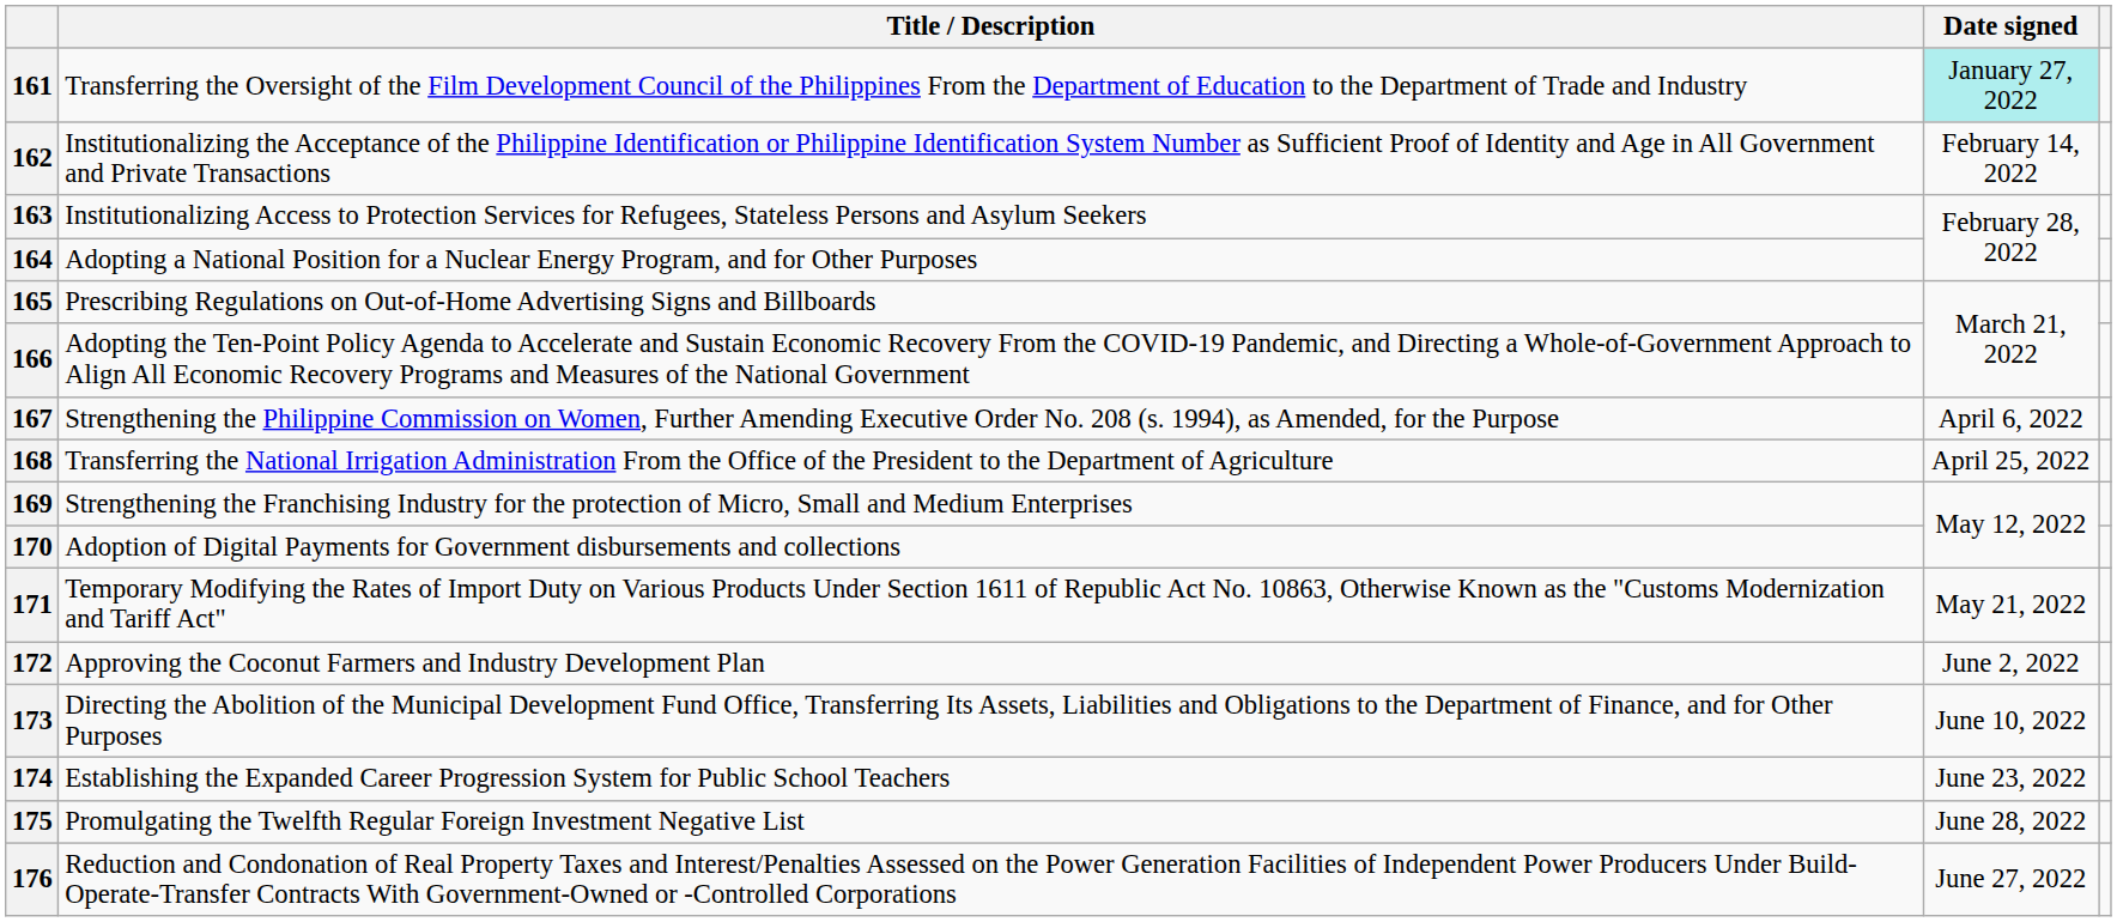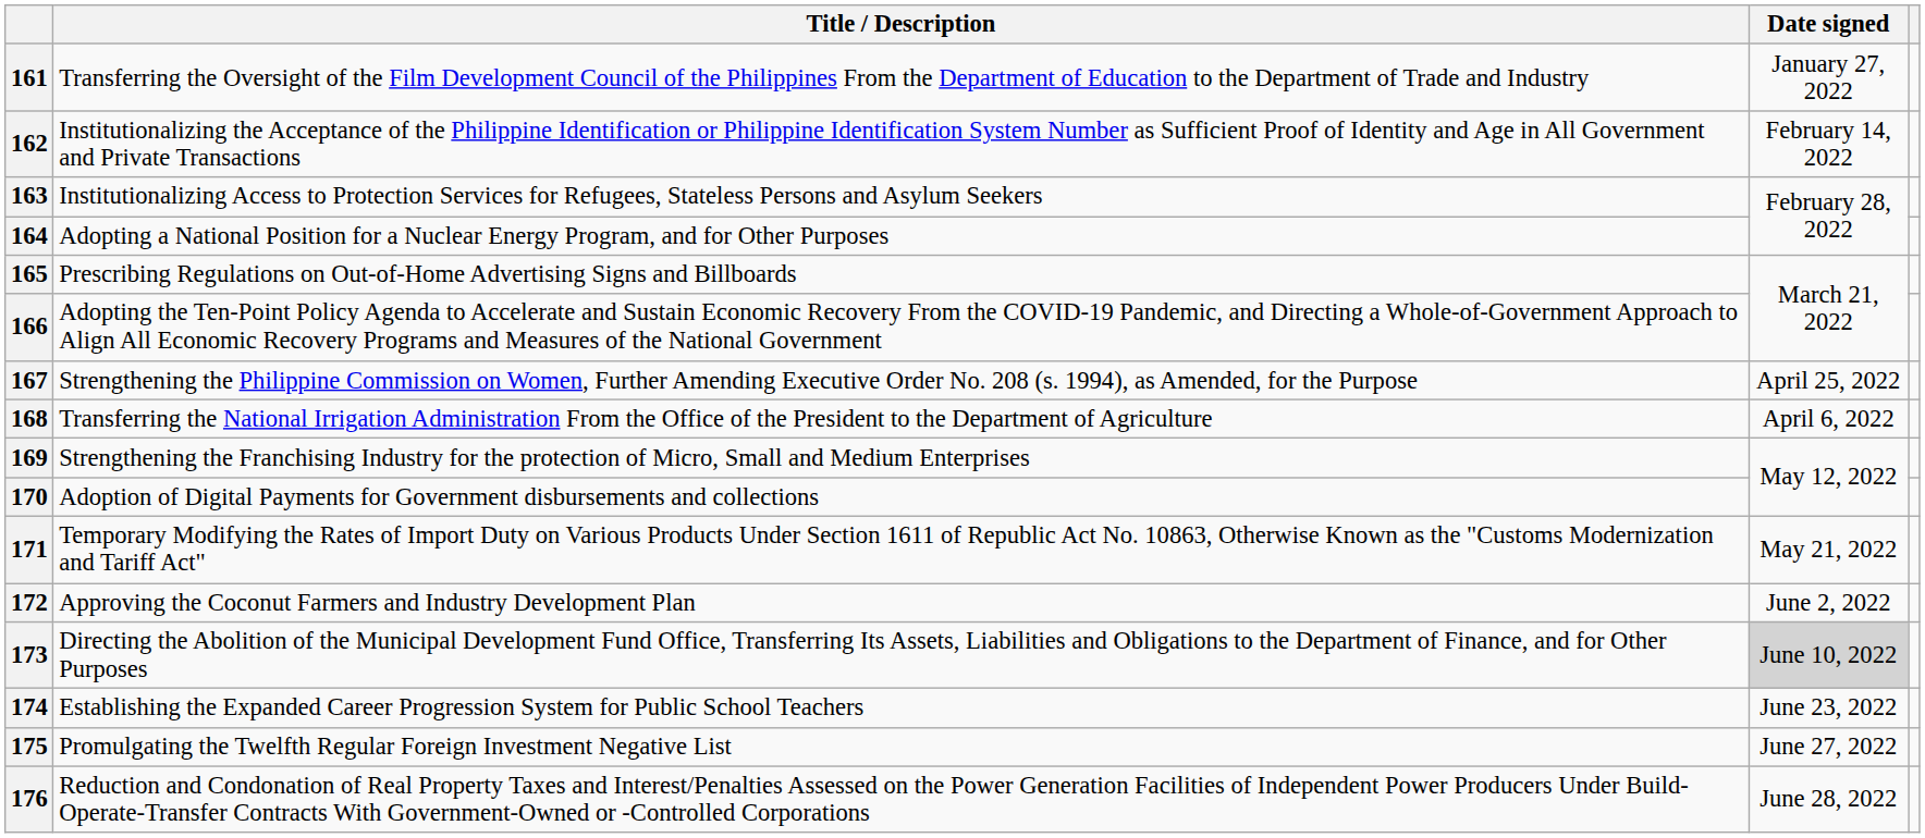 <table class="wikitable sortable" style="text-align:center;">
 <tr>
 <th scope="col"></th>
 <th scope="col">Title / Description</th>
 <th scope="col">Date signed</th>
 <th scope="col" class="unsortable"></th>
 </tr>
 <tr>
 <th scope="row">161</th>
 <td style='text-align:left;'>Transferring the Oversight of the <a href='#'>Film Development Council of the Philippines</a> From the <a href='#'>Department of Education</a> to the Department of Trade and Industry</td>
-<td style="background: paleturquoise;">January 27, 2022</td>
+<td>January 27, 2022</td>
 <td></td>
 </tr>
 <tr>
 <th scope="row">162</th>
 <td style='text-align:left;'>Institutionalizing the Acceptance of the <a href='#'>Philippine Identification or Philippine Identification System Number</a> as Sufficient Proof of Identity and Age in All Government and Private Transactions</td>
 <td>February 14, 2022</td>
 <td></td>
 </tr>
 <tr>
 <th scope="row">163</th>
 <td style='text-align:left;'>Institutionalizing Access to Protection Services for Refugees, Stateless Persons and Asylum Seekers</td>
 <td rowspan="2">February 28, 2022</td>
 <td></td>
 </tr>
 <tr>
 <th scope="row">164</th>
 <td style='text-align:left;'>Adopting a National Position for a Nuclear Energy Program, and for Other Purposes</td>
 <td></td>
 </tr>
 <tr>
 <th scope="row">165</th>
 <td style='text-align:left;'>Prescribing Regulations on Out-of-Home Advertising Signs and Billboards</td>
 <td rowspan="2">March 21, 2022</td>
 <td></td>
 </tr>
 <tr>
 <th scope="row">166</th>
 <td style='text-align:left;'>Adopting the Ten-Point Policy Agenda to Accelerate and Sustain Economic Recovery From the COVID-19 Pandemic, and Directing a Whole-of-Government Approach to Align All Economic Recovery Programs and Measures of the National Government</td>
 <td></td>
 </tr>
 <tr>
 <th scope="row">167</th>
 <td style='text-align:left;'>Strengthening the <a href='#'>Philippine Commission on Women</a>, Further Amending Executive Order No. 208 (s. 1994), as Amended, for the Purpose</td>
-<td>April 6, 2022</td>
+<td>April 25, 2022</td>
 <td></td>
 </tr>
 <tr>
 <th scope="row">168</th>
 <td style='text-align:left;'>Transferring the <a href='#'>National Irrigation Administration</a> From the Office of the President to the Department of Agriculture</td>
-<td>April 25, 2022</td>
+<td>April 6, 2022</td>
 <td></td>
 </tr>
 <tr>
 <th scope="row">169</th>
 <td style='text-align:left;'>Strengthening the Franchising Industry for the protection of Micro, Small and Medium Enterprises</td>
 <td rowspan="2">May 12, 2022</td>
 <td></td>
 </tr>
 <tr>
 <th scope="row">170</th>
 <td style='text-align:left;'>Adoption of Digital Payments for Government disbursements and collections</td>
 <td></td>
 </tr>
 <tr>
 <th scope="row">171</th>
 <td style='text-align:left;'>Temporary Modifying the Rates of Import Duty on Various Products Under Section 1611 of Republic Act No. 10863, Otherwise Known as the "Customs Modernization and Tariff Act"</td>
 <td>May 21, 2022</td>
 <td></td>
 </tr>
 <tr>
 <th scope="row">172</th>
 <td style='text-align:left;'>Approving the Coconut Farmers and Industry Development Plan</td>
 <td>June 2, 2022</td>
 <td></td>
 </tr>
 <tr>
 <th scope="row">173</th>
 <td style='text-align:left;'>Directing the Abolition of the Municipal Development Fund Office, Transferring Its Assets, Liabilities and Obligations to the Department of Finance, and for Other Purposes</td>
-<td>June 10, 2022</td>
+<td style="background: lightgrey;">June 10, 2022</td>
 <td></td>
 </tr>
 <tr>
 <th scope="row">174</th>
 <td style='text-align:left;'>Establishing the Expanded Career Progression System for Public School Teachers</td>
 <td>June 23, 2022</td>
 <td></td>
 </tr>
 <tr>
 <th scope="row">175</th>
 <td style='text-align:left;'>Promulgating the Twelfth Regular Foreign Investment Negative List</td>
-<td>June 28, 2022</td>
+<td>June 27, 2022</td>
 <td></td>
 </tr>
 <tr>
 <th scope="row">176</th>
 <td style='text-align:left;'>Reduction and Condonation of Real Property Taxes and Interest/Penalties Assessed on the Power Generation Facilities of Independent Power Producers Under Build-Operate-Transfer Contracts With Government-Owned or -Controlled Corporations</td>
-<td>June 27, 2022</td>
+<td>June 28, 2022</td>
 <td></td>
 </tr>
 </table>
